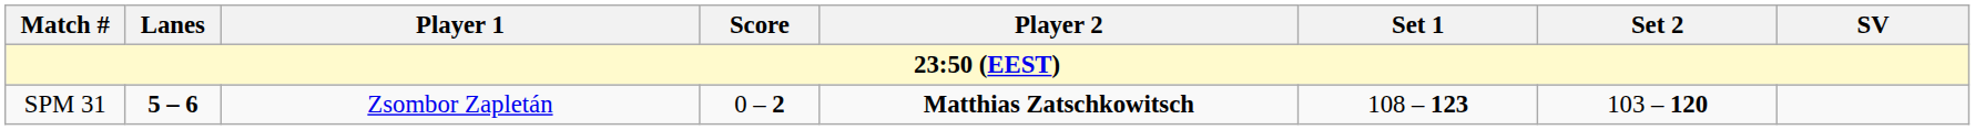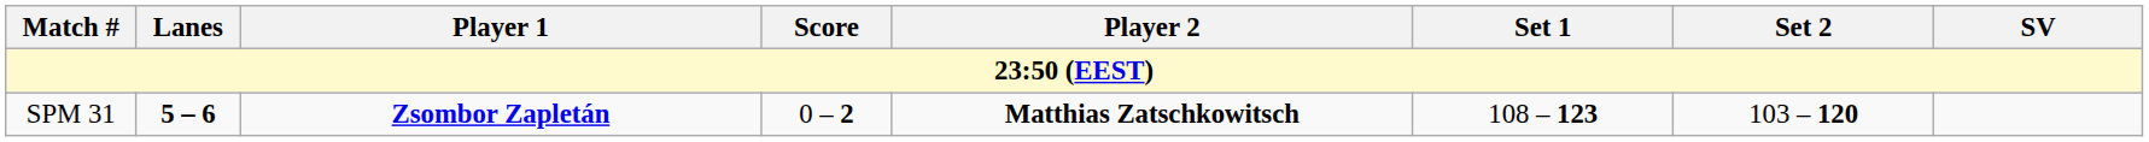 <table class="wikitable">
 <tr>
 <th width="5%">Match #</th>
 <th width="4%">Lanes</th>
 <th width="20%">Player 1</th>
 <th width="5%">Score</th>
 <th width="20%">Player 2</th>
 <th width="10%">Set 1</th>
 <th width="10%">Set 2</th>
 <th width="8%">SV</th>
 </tr>
 <tr>
 <td colspan="8" style="text-align:center; background-color:#FFFACD"><strong>23:50 (<a href='#'>EEST</a>)</strong></td>
 </tr>
 <tr style=text-align:center;"background:#;">
 <td>SPM 31</td>
 <td><strong>5 – 6</strong></td>
-<td> <a href='#'>Zsombor Zapletán</a></td>
+<td><strong> <a href='#'>Zsombor Zapletán</a></strong></td>
 <td>0 – <strong>2</strong></td>
 <td> <strong>Matthias Zatschkowitsch</strong></td>
 <td>108 – <strong>123</strong></td>
 <td>103 – <strong>120</strong></td>
 <td></td>
 </tr>
 </table>
